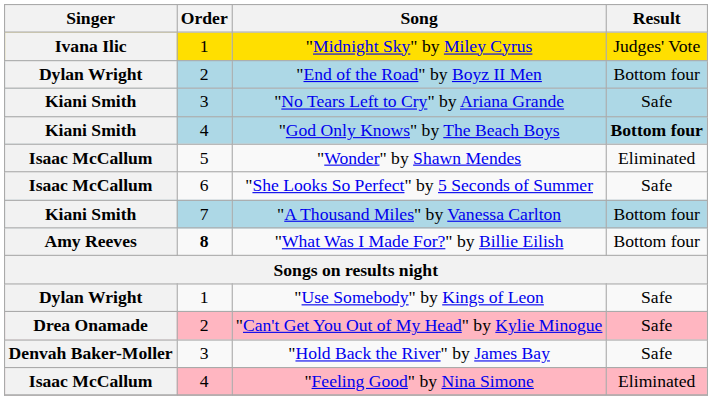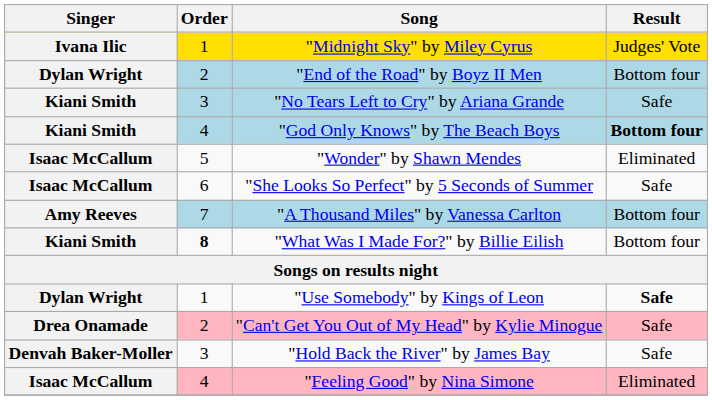 <table class="wikitable plainrowheaders" style="text-align:center;">
 <tr>
 <th scope="col">Singer</th>
 <th scope="col">Order</th>
 <th scope="col">Song</th>
 <th scope="col">Result</th>
 </tr>
 <tr style="background:#ffdf00">
 <th>Ivana Ilic</th>
 <td>1</td>
 <td>"<a href='#'>Midnight Sky</a>" by <a href='#'>Miley Cyrus</a></td>
 <td>Judges' Vote</td>
 </tr>
 <tr style="background-color:lightblue"|>
 <th>Dylan Wright</th>
 <td>2</td>
 <td>"<a href='#'>End of the Road</a>" by <a href='#'>Boyz II Men</a></td>
 <td>Bottom four</td>
 </tr>
 <tr style="background-color:lightblue"|>
 <th>Kiani Smith</th>
 <td>3</td>
 <td>"<a href='#'>No Tears Left to Cry</a>" by <a href='#'>Ariana Grande</a></td>
 <td>Safe</td>
 </tr>
 <tr style="background-color:lightblue"|>
 <th>Kiani Smith</th>
 <td>4</td>
 <td>"<a href='#'>God Only Knows</a>" by <a href='#'>The Beach Boys</a></td>
 <td><strong>Bottom four</strong></td>
 </tr>
 <tr>
 <th>Isaac McCallum</th>
 <td>5</td>
 <td>"<a href='#'>Wonder</a>" by <a href='#'>Shawn Mendes</a></td>
 <td>Eliminated</td>
 </tr>
 <tr>
 <th>Isaac McCallum</th>
 <td>6</td>
 <td>"<a href='#'>She Looks So Perfect</a>" by <a href='#'>5 Seconds of Summer</a></td>
 <td>Safe</td>
 </tr>
 <tr style="background-color:lightblue"|>
-<th>Kiani Smith</th>
+<th>Amy Reeves</th>
 <td>7</td>
 <td>"<a href='#'>A Thousand Miles</a>" by <a href='#'>Vanessa Carlton</a></td>
 <td>Bottom four</td>
 </tr>
 <tr>
-<th>Amy Reeves</th>
+<th>Kiani Smith</th>
 <td><strong>8</strong></td>
 <td>"<a href='#'>What Was I Made For?</a>" by <a href='#'>Billie Eilish</a></td>
 <td>Bottom four</td>
 </tr>
 <tr>
 <th colspan="4">Songs on results night</th>
 </tr>
 <tr>
 <th>Dylan Wright</th>
 <td>1</td>
 <td>"<a href='#'>Use Somebody</a>" by <a href='#'>Kings of Leon</a></td>
-<td>Safe</td>
+<td><strong>Safe</strong></td>
 </tr>
 <tr style="background-color:lightpink"|>
 <th>Drea Onamade</th>
 <td>2</td>
 <td>"<a href='#'>Can't Get You Out of My Head</a>" by <a href='#'>Kylie Minogue</a></td>
 <td>Safe</td>
 </tr>
 <tr>
 <th>Denvah Baker-Moller</th>
 <td>3</td>
 <td>"<a href='#'>Hold Back the River</a>" by <a href='#'>James Bay</a></td>
 <td>Safe</td>
 </tr>
 <tr style="background-color:lightpink"|>
 <th>Isaac McCallum</th>
 <td>4</td>
 <td>"<a href='#'>Feeling Good</a>" by <a href='#'>Nina Simone</a></td>
 <td>Eliminated</td>
 </tr>
 <tr>
 </tr>
 </table>
